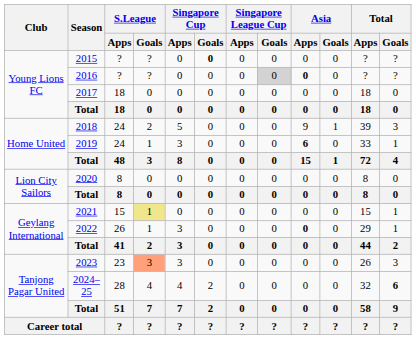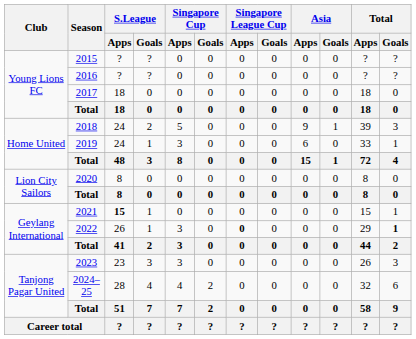 <table style="text-align:center" class="wikitable">
 <tr>
 <th rowspan="2">Club</th>
 <th rowspan="2">Season</th>
 <th colspan="2"><a href='#'>S.League</a></th>
 <th colspan="2"><a href='#'>Singapore Cup</a></th>
 <th colspan="2"><a href='#'>Singapore League Cup</a></th>
 <th colspan="2"><a href='#'>Asia</a></th>
 <th colspan="2">Total</th>
 </tr>
 <tr>
 <th>Apps</th>
 <th>Goals</th>
 <th>Apps</th>
 <th>Goals</th>
 <th>Apps</th>
 <th>Goals</th>
 <th>Apps</th>
 <th>Goals</th>
 <th>Apps</th>
 <th>Goals</th>
 </tr>
 <tr>
 <td rowspan="4"><a href='#'>Young Lions FC</a></td>
 <td><a href='#'>2015</a></td>
 <td>?</td>
 <td>?</td>
 <td>0</td>
-<td><strong>0</strong></td>
+<td>0</td>
 <td>0</td>
 <td>0</td>
 <td>0</td>
 <td>0</td>
 <td>?</td>
 <td>?</td>
 </tr>
 <tr>
 <td><a href='#'>2016</a></td>
 <td>?</td>
 <td>?</td>
 <td>0</td>
 <td>0</td>
 <td>0</td>
-<td style="background: lightgrey;">0</td>
-<td><strong>0</strong></td>
+<td>0</td>
+<td>0</td>
 <td>0</td>
 <td>?</td>
 <td>?</td>
 </tr>
 <tr>
 <td><a href='#'>2017</a></td>
 <td>18</td>
 <td>0</td>
 <td>0</td>
 <td>0</td>
 <td>0</td>
 <td>0</td>
 <td>0</td>
 <td>0</td>
 <td>18</td>
 <td>0</td>
 </tr>
 <tr>
 <th>Total</th>
 <th>18</th>
 <th>0</th>
 <th>0</th>
 <th>0</th>
 <th>0</th>
 <th>0</th>
 <th>0</th>
 <th>0</th>
 <th>18</th>
 <th>0</th>
 </tr>
 <tr>
 <td rowspan="3"><a href='#'>Home United</a></td>
 <td><a href='#'>2018</a></td>
 <td>24</td>
 <td>2</td>
 <td>5</td>
 <td>0</td>
 <td>0</td>
 <td>0</td>
 <td>9</td>
 <td>1</td>
 <td>39</td>
 <td>3</td>
 </tr>
 <tr>
 <td><a href='#'>2019</a></td>
 <td>24</td>
 <td>1</td>
 <td>3</td>
 <td>0</td>
 <td>0</td>
 <td>0</td>
-<td><strong>6</strong></td>
+<td>6</td>
 <td>0</td>
 <td>33</td>
 <td>1</td>
 </tr>
 <tr>
 <th>Total</th>
 <th>48</th>
 <th>3</th>
 <th>8</th>
 <th>0</th>
 <th>0</th>
 <th>0</th>
 <th>15</th>
 <th>1</th>
 <th>72</th>
 <th>4</th>
 </tr>
 <tr>
 <td rowspan="2"><a href='#'>Lion City Sailors</a></td>
 <td><a href='#'>2020</a></td>
 <td>8</td>
 <td>0</td>
 <td>0</td>
 <td>0</td>
 <td>0</td>
 <td>0</td>
 <td>0</td>
 <td>0</td>
 <td>8</td>
 <td>0</td>
 </tr>
 <tr>
 <th>Total</th>
 <th>8</th>
 <th>0</th>
 <th>0</th>
 <th>0</th>
 <th>0</th>
 <th>0</th>
 <th>0</th>
 <th>0</th>
 <th>8</th>
 <th>0</th>
 </tr>
 <tr>
 <td rowspan="3"><a href='#'>Geylang International</a></td>
 <td><a href='#'>2021</a></td>
-<td>15</td>
-<td style="background: khaki;">1</td>
+<td><strong>15</strong></td>
+<td>1</td>
 <td>0</td>
 <td>0</td>
 <td>0</td>
 <td>0</td>
 <td>0</td>
 <td>0</td>
 <td>15</td>
 <td>1</td>
 </tr>
 <tr>
 <td><a href='#'>2022</a></td>
 <td>26</td>
 <td>1</td>
 <td>3</td>
 <td>0</td>
+<td><strong>0</strong></td>
 <td>0</td>
 <td>0</td>
-<td><strong>0</strong></td>
 <td>0</td>
 <td>29</td>
-<td>1</td>
+<td><strong>1</strong></td>
 </tr>
 <tr>
 <th>Total</th>
 <th>41</th>
 <th>2</th>
 <th>3</th>
 <th>0</th>
 <th>0</th>
 <th>0</th>
 <th>0</th>
 <th>0</th>
 <th>44</th>
 <th>2</th>
 </tr>
 <tr>
 <td rowspan="3"><a href='#'>Tanjong Pagar United</a></td>
 <td><a href='#'>2023</a></td>
 <td>23</td>
-<td style="background: lightsalmon;">3</td>
+<td>3</td>
 <td>3</td>
 <td>0</td>
 <td>0</td>
 <td>0</td>
 <td>0</td>
 <td>0</td>
 <td>26</td>
 <td>3</td>
 </tr>
 <tr>
 <td><a href='#'>2024–25</a></td>
 <td>28</td>
 <td>4</td>
 <td>4</td>
 <td>2</td>
 <td>0</td>
 <td>0</td>
 <td>0</td>
 <td>0</td>
 <td>32</td>
-<td><strong>6</strong></td>
+<td>6</td>
 </tr>
 <tr>
 <th>Total</th>
 <th>51</th>
 <th>7</th>
 <th>7</th>
 <th>2</th>
 <th>0</th>
 <th>0</th>
 <th>0</th>
 <th>0</th>
 <th>58</th>
 <th>9</th>
 </tr>
 <tr>
 <th colspan=2>Career total</th>
 <th>?</th>
 <th>?</th>
 <th>?</th>
 <th>?</th>
 <th>?</th>
 <th>?</th>
 <th>?</th>
 <th>?</th>
 <th>?</th>
 <th>?</th>
 </tr>
 </table>
